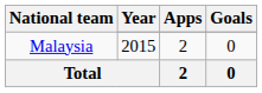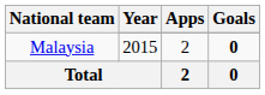 <table class="wikitable" style="text-align: center;">
 <tr>
 <th>National team</th>
 <th>Year</th>
 <th>Apps</th>
 <th>Goals</th>
 </tr>
 <tr>
 <td rowspan="2"><a href='#'>Malaysia</a></td>
 </tr>
 <tr>
 <td>2015</td>
 <td>2</td>
-<td>0</td>
+<td><strong>0</strong></td>
 </tr>
 <tr>
 <th colspan=2>Total</th>
 <th>2</th>
 <th>0</th>
 </tr>
 </table>
